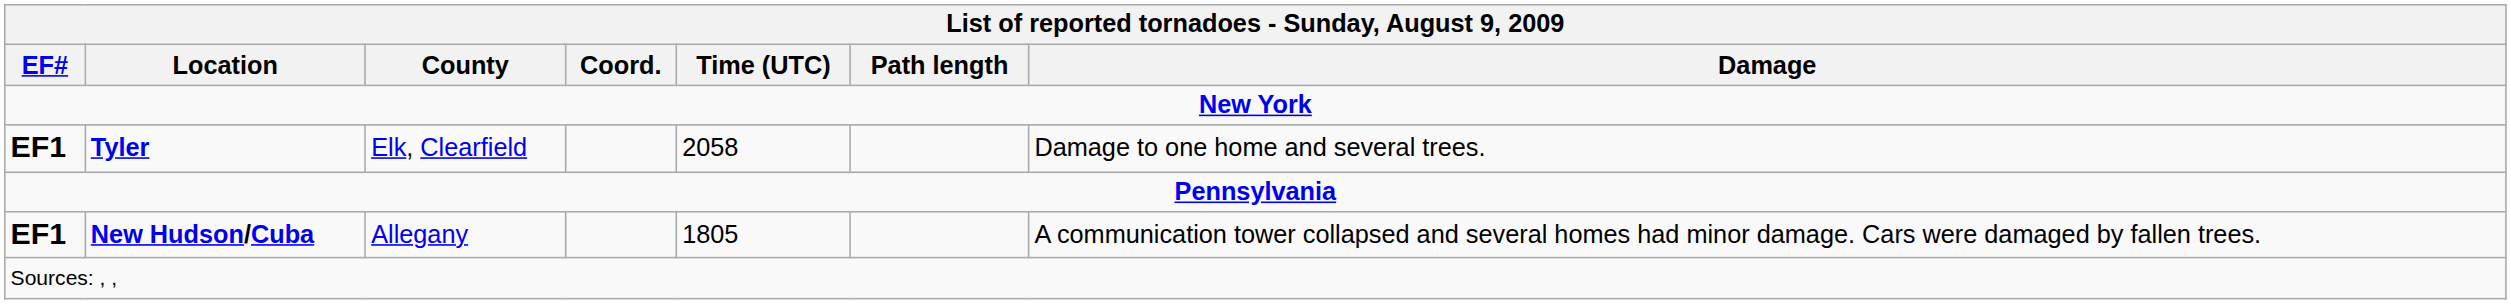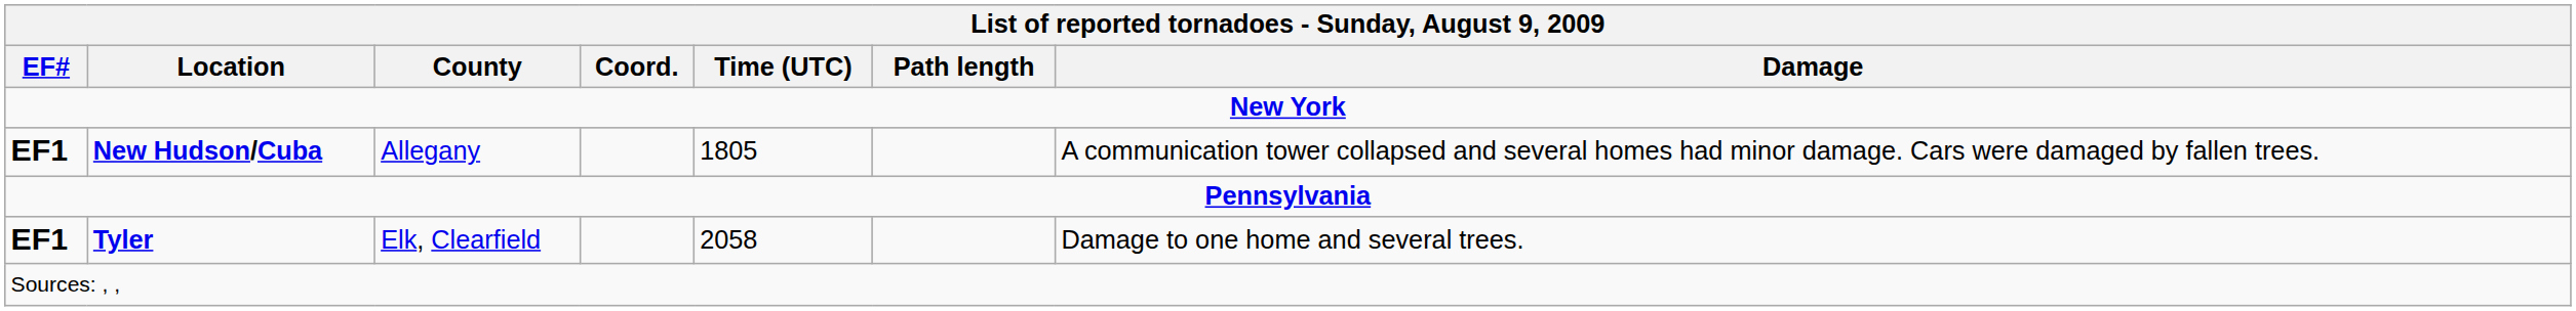 <table class="wikitable collapsible" style="width:100%;">
 <tr>
 <th colspan="7">List of reported tornadoes - Sunday, August 9, 2009</th>
 </tr>
 <tr>
 <th><a href='#'>EF#</a></th>
 <th>Location</th>
 <th>County</th>
 <th>Coord.</th>
 <th>Time (UTC)</th>
 <th>Path length</th>
 <th>Damage</th>
 </tr>
 <tr>
 <td colspan="7" style="text-align:center;"><strong><a href='#'>New York</a></strong></td>
 </tr>
 <tr>
 <td><big><strong>EF1</strong></big></td>
+<td><strong><a href='#'>New Hudson</a>/<a href='#'>Cuba</a></strong></td>
+<td><a href='#'>Allegany</a></td>
+<td></td>
+<td>1805</td>
+<td></td>
+<td>A communication tower collapsed and several homes had minor damage. Cars were damaged by fallen trees.</td>
+</tr>
+<tr>
+<td colspan="7" style="text-align:center;"><strong><a href='#'>Pennsylvania</a></strong></td>
+</tr>
+<tr>
+<td><big><strong>EF1</strong></big></td>
 <td><strong><a href='#'>Tyler</a></strong></td>
 <td><a href='#'>Elk</a>, <a href='#'>Clearfield</a></td>
 <td></td>
 <td>2058</td>
 <td></td>
 <td>Damage to one home and several trees.</td>
 </tr>
 <tr>
-<td colspan="7" style="text-align:center;"><strong><a href='#'>Pennsylvania</a></strong></td>
-</tr>
-<tr>
-<td><big><strong>EF1</strong></big></td>
-<td><strong><a href='#'>New Hudson</a>/<a href='#'>Cuba</a></strong></td>
-<td><a href='#'>Allegany</a></td>
-<td></td>
-<td>1805</td>
-<td></td>
-<td>A communication tower collapsed and several homes had minor damage. Cars were damaged by fallen trees.</td>
-</tr>
-<tr>
 <td colspan="7"><small>Sources: , , </small></td>
 </tr>
 </table>
